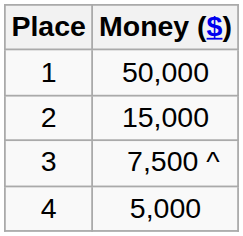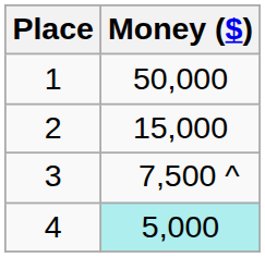 <table class=wikitable style="text-align:center">
 <tr>
 <th>Place</th>
 <th>Money (<a href='#'>$</a>)</th>
 </tr>
 <tr>
 <td>1</td>
 <td>50,000</td>
 </tr>
 <tr>
 <td>2</td>
 <td>15,000</td>
 </tr>
 <tr>
 <td>3</td>
 <td>  7,500 ^</td>
 </tr>
 <tr>
 <td>4</td>
-<td>5,000</td>
+<td style="background: paleturquoise;">5,000</td>
 </tr>
 </table>
